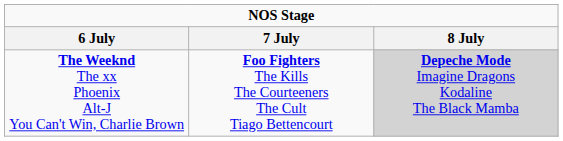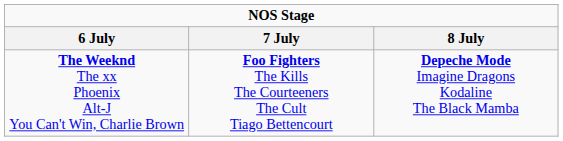 <table class="wikitable">
 <tr>
 <td colspan="3" align="center"><strong>NOS Stage</strong></td>
 </tr>
 <tr>
 <th>6 July</th>
 <th>7 July</th>
 <th>8 July</th>
 </tr>
 <tr>
 <td width="200" align="center" valign="top"><strong><a href='#'>The Weeknd</a></strong><br><a href='#'>The xx</a><br><a href='#'>Phoenix</a><br><a href='#'>Alt-J</a><br><a href='#'>You Can't Win, Charlie Brown</a></td>
 <td width="200" align="center" valign="top"><strong><a href='#'>Foo Fighters</a></strong><br><a href='#'>The Kills</a><br><a href='#'>The Courteeners</a><br><a href='#'>The Cult</a><br><a href='#'>Tiago Bettencourt</a></td>
-<td width="200" align="center" valign="top" style="background: lightgrey;"><strong><a href='#'>Depeche Mode</a></strong><br><a href='#'>Imagine Dragons</a><br><a href='#'>Kodaline</a><br><a href='#'>The Black Mamba</a></td>
+<td width="200" align="center" valign="top"><strong><a href='#'>Depeche Mode</a></strong><br><a href='#'>Imagine Dragons</a><br><a href='#'>Kodaline</a><br><a href='#'>The Black Mamba</a></td>
 </tr>
 </table>
